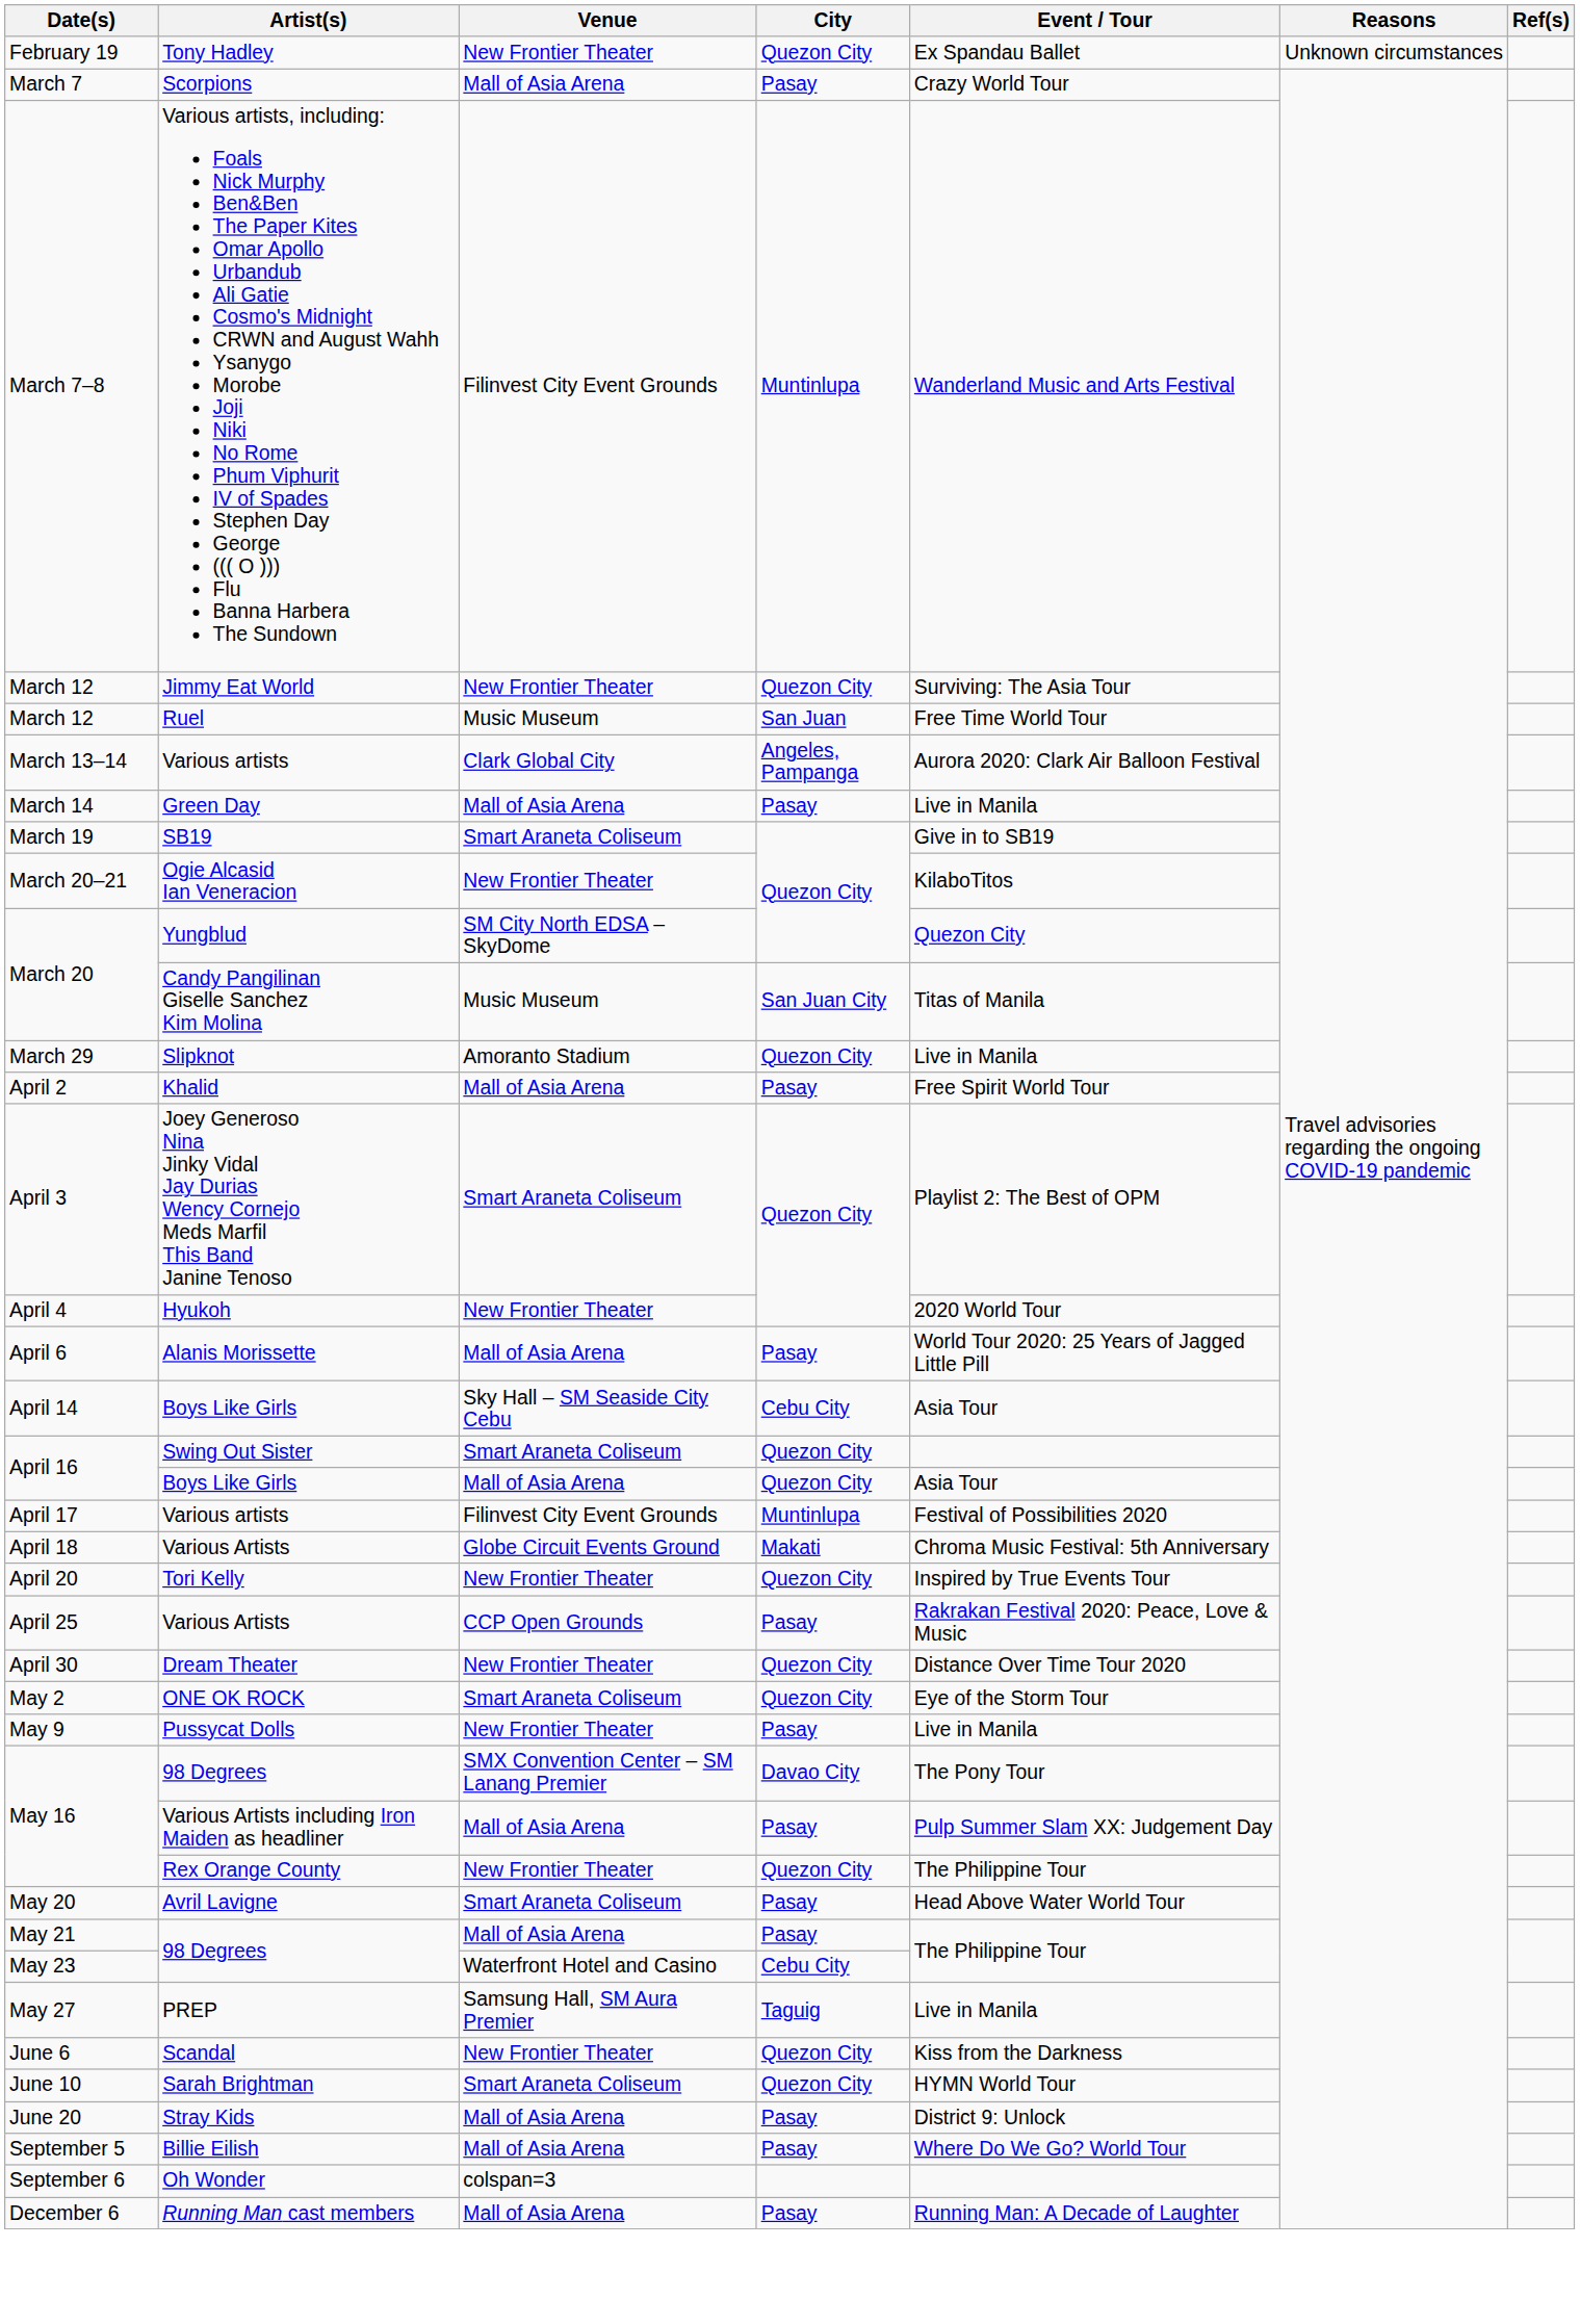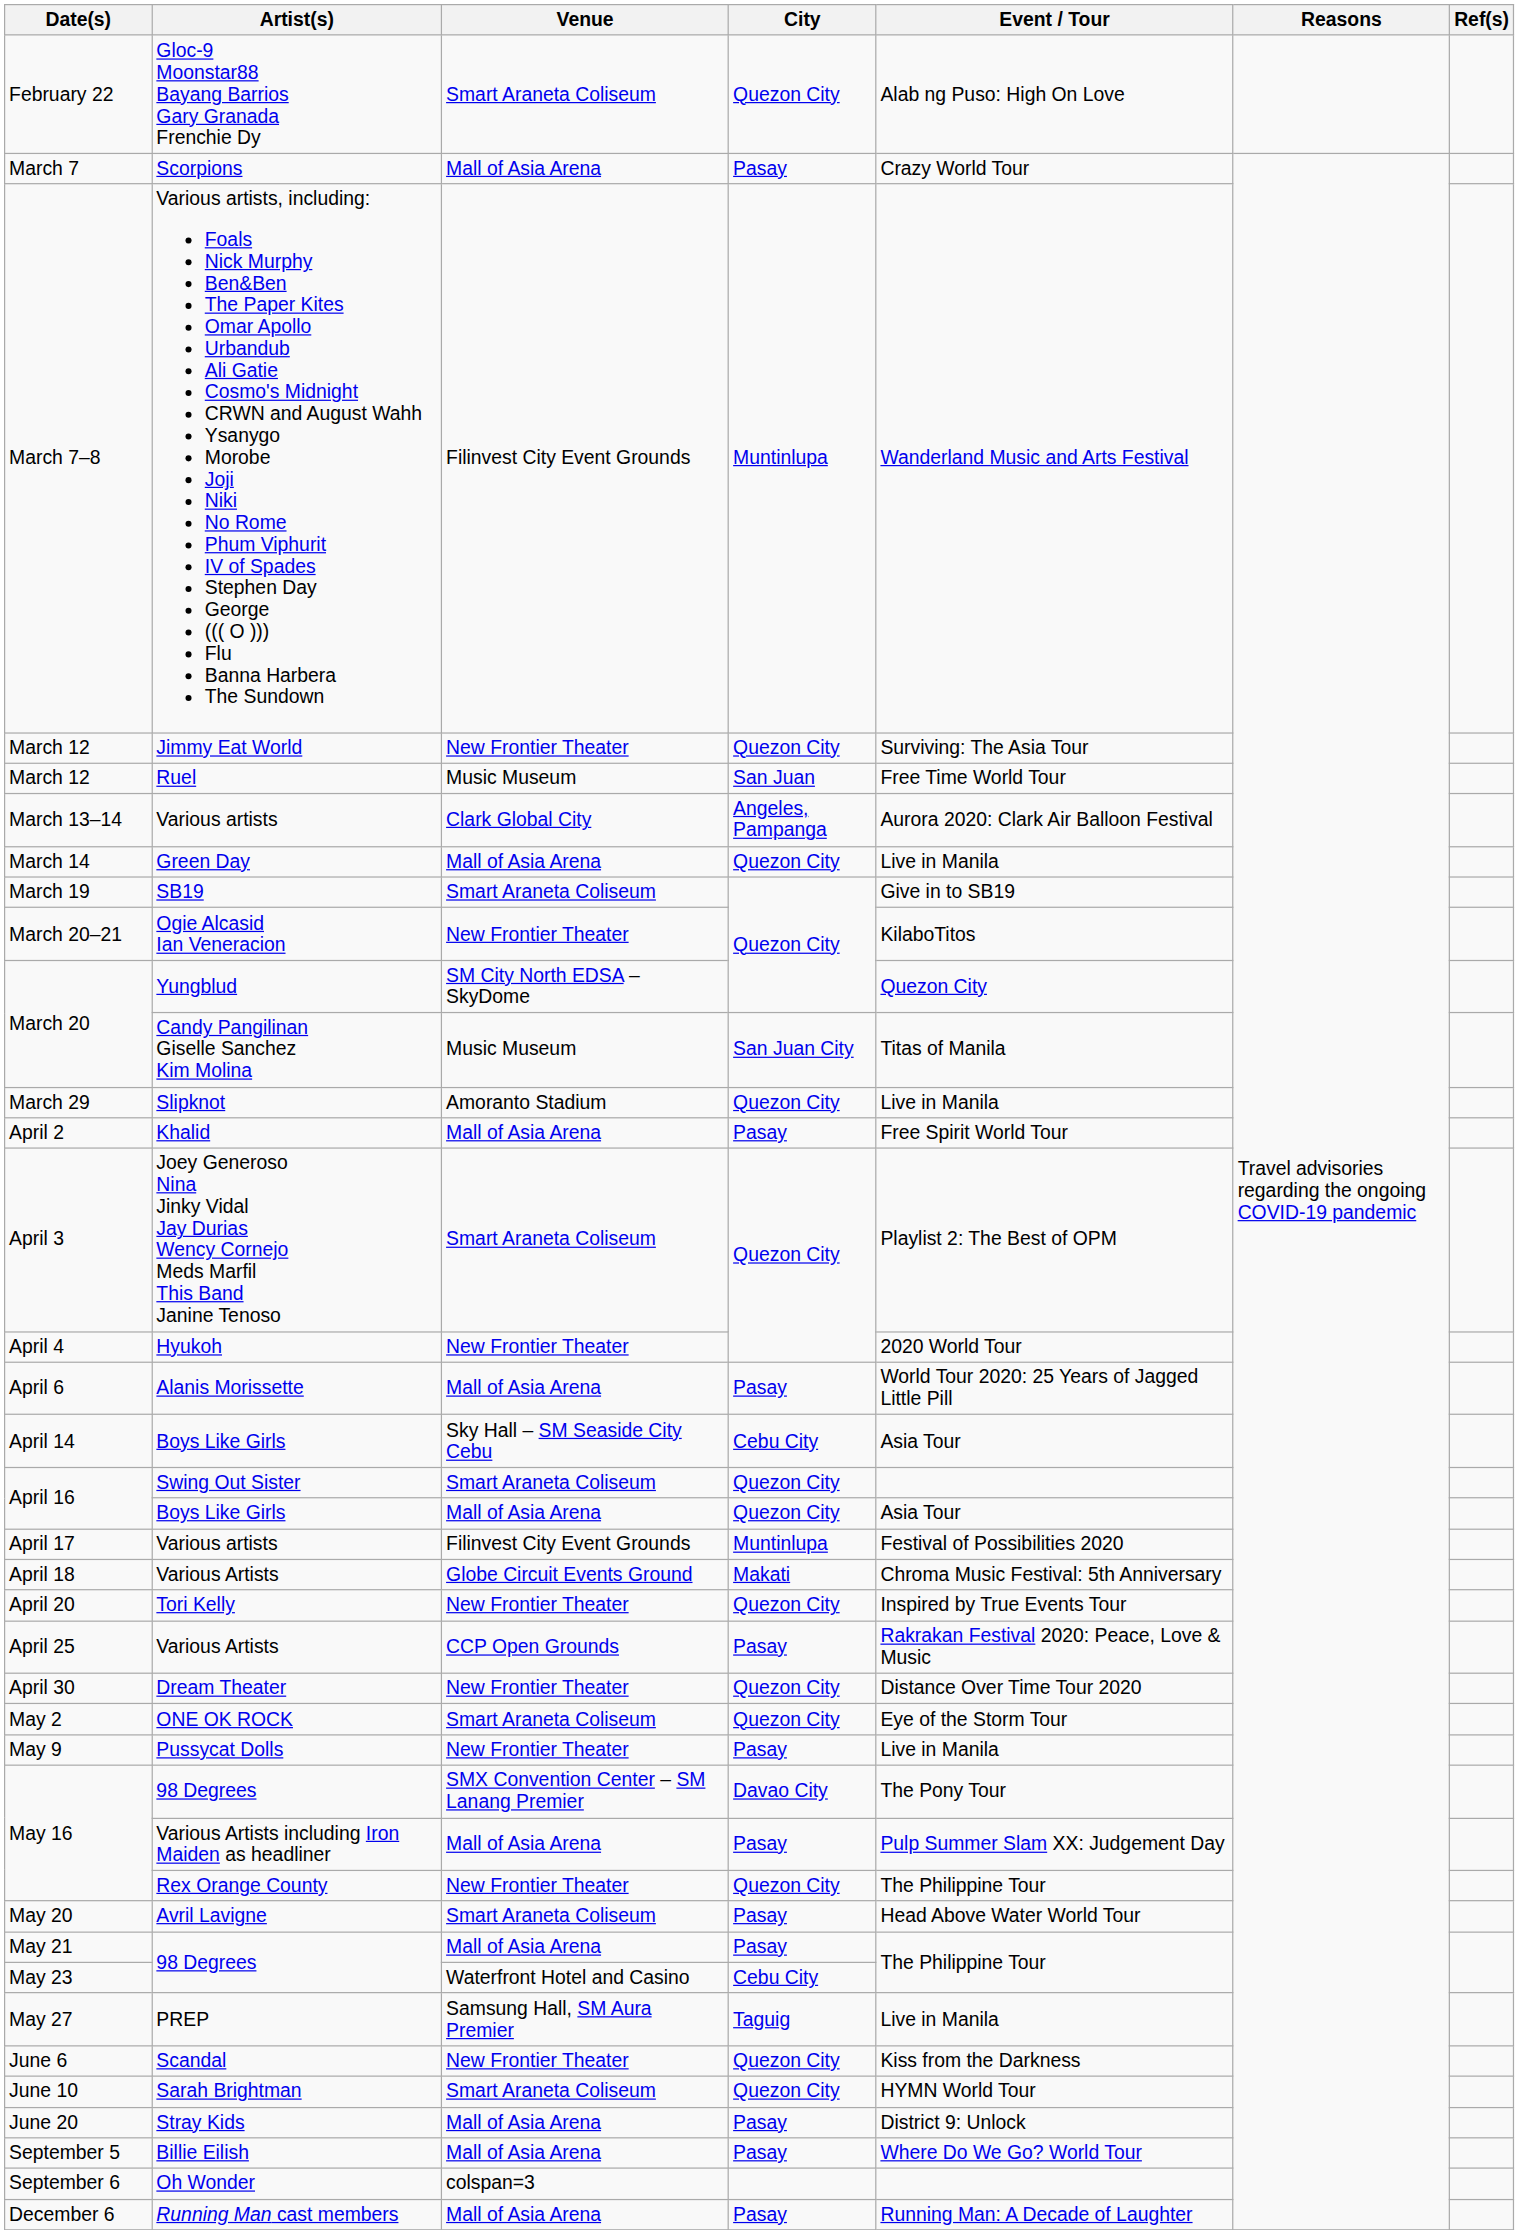 <table class="wikitable sortable" style="font-size: 100%; width=100%;" style="text-align:center;">
 <tr>
 <th class="unsortable" style="width: 10%;" scope="col">Date(s)</th>
 <th style="width: 20%;" scope="col">Artist(s)</th>
 <th style="width: 20%;" scope="col">Venue</th>
 <th style="width: 10%;" scope="col">City</th>
 <th style="width: 25%;" scope="col">Event / Tour</th>
 <th style="width: 25%;" scope="col">Reasons</th>
 <th style="width: 1%;" scope="col">Ref(s)</th>
 </tr>
 <tr>
-<td>February 19</td>
-<td><a href='#'>Tony Hadley</a></td>
-<td><a href='#'>New Frontier Theater</a></td>
+<td>February 22</td>
+<td><a href='#'>Gloc-9</a><br><a href='#'>Moonstar88</a><br><a href='#'>Bayang Barrios</a><br><a href='#'>Gary Granada</a><br>Frenchie Dy</td>
+<td><a href='#'>Smart Araneta Coliseum</a></td>
 <td><a href='#'>Quezon City</a></td>
-<td>Ex Spandau Ballet</td>
-<td>Unknown circumstances</td>
+<td>Alab ng Puso: High On Love</td>
+<td></td>
 <td></td>
 </tr>
 <tr>
 <td>March 7</td>
 <td><a href='#'>Scorpions</a></td>
 <td><a href='#'>Mall of Asia Arena</a></td>
 <td><a href='#'>Pasay</a></td>
 <td>Crazy World Tour</td>
 <td rowspan=39>Travel advisories regarding the ongoing <a href='#'>COVID-19 pandemic</a></td>
 <td></td>
 </tr>
 <tr>
 <td>March 7–8</td>
 <td>Various artists, including:<br><ul><li><a href='#'>Foals</a></li><li><a href='#'>Nick Murphy</a></li><li><a href='#'>Ben&Ben</a></li><li><a href='#'>The Paper Kites</a></li><li><a href='#'>Omar Apollo</a></li><li><a href='#'>Urbandub</a></li><li><a href='#'>Ali Gatie</a></li><li><a href='#'>Cosmo's Midnight</a></li><li>CRWN and August Wahh</li><li>Ysanygo</li><li>Morobe</li><li><a href='#'>Joji</a></li><li><a href='#'>Niki</a></li><li><a href='#'>No Rome</a></li><li><a href='#'>Phum Viphurit</a></li><li><a href='#'>IV of Spades</a></li><li>Stephen Day</li><li>George</li><li>((( O )))</li><li>Flu</li><li>Banna Harbera</li><li>The Sundown</li></ul></td>
 <td>Filinvest City Event Grounds</td>
 <td><a href='#'>Muntinlupa</a></td>
 <td><a href='#'>Wanderland Music and Arts Festival</a></td>
 <td></td>
 </tr>
 <tr>
 <td>March 12</td>
 <td><a href='#'>Jimmy Eat World</a></td>
 <td><a href='#'>New Frontier Theater</a></td>
 <td><a href='#'>Quezon City</a></td>
 <td>Surviving: The Asia Tour</td>
 <td></td>
 </tr>
 <tr>
 <td>March 12</td>
 <td><a href='#'>Ruel</a></td>
 <td>Music Museum</td>
 <td><a href='#'>San Juan</a></td>
 <td>Free Time World Tour</td>
 <td></td>
 </tr>
 <tr>
 <td>March 13–14</td>
 <td>Various artists</td>
 <td><a href='#'>Clark Global City</a></td>
 <td><a href='#'>Angeles, Pampanga</a></td>
 <td>Aurora 2020: Clark Air Balloon Festival</td>
 <td></td>
 </tr>
 <tr>
 <td>March 14</td>
 <td><a href='#'>Green Day</a></td>
 <td><a href='#'>Mall of Asia Arena</a></td>
-<td><a href='#'>Pasay</a></td>
+<td><a href='#'>Quezon City</a></td>
 <td>Live in Manila</td>
 <td></td>
 </tr>
 <tr>
 <td>March 19</td>
 <td><a href='#'>SB19</a></td>
 <td><a href='#'>Smart Araneta Coliseum</a></td>
 <td rowspan=3><a href='#'>Quezon City</a></td>
 <td>Give in to SB19</td>
 <td></td>
 </tr>
 <tr>
 <td>March 20–21</td>
 <td><a href='#'>Ogie Alcasid</a><br><a href='#'>Ian Veneracion</a></td>
 <td><a href='#'>New Frontier Theater</a></td>
 <td>KilaboTitos</td>
 <td></td>
 </tr>
 <tr>
 <td rowspan=2>March 20</td>
 <td><a href='#'>Yungblud</a></td>
 <td><a href='#'>SM City North EDSA</a> – SkyDome</td>
 <td><a href='#'>Quezon City</a></td>
 <td></td>
 </tr>
 <tr>
 <td><a href='#'>Candy Pangilinan</a><br>Giselle Sanchez<br><a href='#'>Kim Molina</a></td>
 <td>Music Museum</td>
 <td><a href='#'>San Juan City</a></td>
 <td>Titas of Manila</td>
 <td></td>
 </tr>
 <tr>
 <td>March 29</td>
 <td><a href='#'>Slipknot</a></td>
 <td>Amoranto Stadium</td>
 <td><a href='#'>Quezon City</a></td>
 <td>Live in Manila</td>
 <td></td>
 </tr>
 <tr>
 <td>April 2</td>
 <td><a href='#'>Khalid</a></td>
 <td><a href='#'>Mall of Asia Arena</a></td>
 <td><a href='#'>Pasay</a></td>
 <td>Free Spirit World Tour</td>
 <td></td>
 </tr>
 <tr>
 <td>April 3</td>
 <td>Joey Generoso<br><a href='#'>Nina</a><br>Jinky Vidal<br><a href='#'>Jay Durias</a><br><a href='#'>Wency Cornejo</a><br>Meds Marfil<br><a href='#'>This Band</a><br>Janine Tenoso</td>
 <td><a href='#'>Smart Araneta Coliseum</a></td>
 <td rowspan=2><a href='#'>Quezon City</a></td>
 <td>Playlist 2: The Best of OPM</td>
 <td></td>
 </tr>
 <tr>
 <td>April 4</td>
 <td><a href='#'>Hyukoh</a></td>
 <td><a href='#'>New Frontier Theater</a></td>
 <td>2020 World Tour</td>
 <td></td>
 </tr>
 <tr>
 <td>April 6</td>
 <td><a href='#'>Alanis Morissette</a></td>
 <td><a href='#'>Mall of Asia Arena</a></td>
 <td><a href='#'>Pasay</a></td>
 <td>World Tour 2020: 25 Years of Jagged Little Pill</td>
 <td></td>
 </tr>
 <tr>
 <td>April 14</td>
 <td><a href='#'>Boys Like Girls</a></td>
 <td>Sky Hall – <a href='#'>SM Seaside City Cebu</a></td>
 <td><a href='#'>Cebu City</a></td>
 <td>Asia Tour</td>
 <td></td>
 </tr>
 <tr>
 <td rowspan=2>April 16</td>
 <td><a href='#'>Swing Out Sister</a></td>
 <td><a href='#'>Smart Araneta Coliseum</a></td>
 <td><a href='#'>Quezon City</a></td>
 <td></td>
 <td></td>
 </tr>
 <tr>
 <td><a href='#'>Boys Like Girls</a></td>
 <td><a href='#'>Mall of Asia Arena</a></td>
 <td><a href='#'>Quezon City</a></td>
 <td>Asia Tour</td>
 <td></td>
 </tr>
 <tr>
 <td>April 17</td>
 <td>Various artists</td>
 <td>Filinvest City Event Grounds</td>
 <td><a href='#'>Muntinlupa</a></td>
 <td>Festival of Possibilities 2020</td>
 <td></td>
 </tr>
 <tr>
 <td>April 18</td>
 <td>Various Artists</td>
 <td><a href='#'>Globe Circuit Events Ground</a></td>
 <td><a href='#'>Makati</a></td>
 <td>Chroma Music Festival: 5th Anniversary</td>
 <td></td>
 </tr>
 <tr>
 <td>April 20</td>
 <td><a href='#'>Tori Kelly</a></td>
 <td><a href='#'>New Frontier Theater</a></td>
 <td><a href='#'>Quezon City</a></td>
 <td>Inspired by True Events Tour</td>
 <td></td>
 </tr>
 <tr>
 <td>April 25</td>
 <td>Various Artists</td>
 <td><a href='#'>CCP Open Grounds</a></td>
 <td><a href='#'>Pasay</a></td>
 <td><a href='#'>Rakrakan Festival</a> 2020: Peace, Love & Music</td>
 <td></td>
 </tr>
 <tr>
 <td>April 30</td>
 <td><a href='#'>Dream Theater</a></td>
 <td><a href='#'>New Frontier Theater</a></td>
 <td><a href='#'>Quezon City</a></td>
 <td>Distance Over Time Tour 2020</td>
 <td></td>
 </tr>
 <tr>
 <td>May 2</td>
 <td><a href='#'>ONE OK ROCK</a></td>
 <td><a href='#'>Smart Araneta Coliseum</a></td>
 <td><a href='#'>Quezon City</a></td>
 <td>Eye of the Storm Tour</td>
 <td></td>
 </tr>
 <tr>
 <td>May 9</td>
 <td><a href='#'>Pussycat Dolls</a></td>
 <td><a href='#'>New Frontier Theater</a></td>
 <td><a href='#'>Pasay</a></td>
 <td>Live in Manila</td>
 <td></td>
 </tr>
 <tr>
 <td rowspan=3>May 16</td>
 <td><a href='#'>98 Degrees</a></td>
 <td><a href='#'>SMX Convention Center</a> – <a href='#'>SM Lanang Premier</a></td>
 <td><a href='#'>Davao City</a></td>
 <td>The Pony Tour</td>
 <td></td>
 </tr>
 <tr>
 <td>Various Artists including <a href='#'>Iron Maiden</a> as headliner</td>
 <td><a href='#'>Mall of Asia Arena</a></td>
 <td><a href='#'>Pasay</a></td>
 <td><a href='#'>Pulp Summer Slam</a> XX: Judgement Day</td>
 <td></td>
 </tr>
 <tr>
 <td><a href='#'>Rex Orange County</a></td>
 <td><a href='#'>New Frontier Theater</a></td>
 <td><a href='#'>Quezon City</a></td>
 <td>The Philippine Tour</td>
 <td></td>
 </tr>
 <tr>
 <td>May 20</td>
 <td><a href='#'>Avril Lavigne</a></td>
 <td><a href='#'>Smart Araneta Coliseum</a></td>
 <td><a href='#'>Pasay</a></td>
 <td>Head Above Water World Tour</td>
 <td></td>
 </tr>
 <tr>
 <td>May 21</td>
 <td rowspan=2><a href='#'>98 Degrees</a></td>
 <td><a href='#'>Mall of Asia Arena</a></td>
 <td><a href='#'>Pasay</a></td>
 <td rowspan=2>The Philippine Tour</td>
 <td rowspan=2></td>
 </tr>
 <tr>
 <td>May 23</td>
 <td>Waterfront Hotel and Casino</td>
 <td><a href='#'>Cebu City</a></td>
 </tr>
 <tr>
 <td>May 27</td>
 <td>PREP</td>
 <td>Samsung Hall, <a href='#'>SM Aura Premier</a></td>
 <td><a href='#'>Taguig</a></td>
 <td>Live in Manila</td>
 <td></td>
 </tr>
 <tr>
 <td>June 6</td>
 <td><a href='#'>Scandal</a></td>
 <td><a href='#'>New Frontier Theater</a></td>
 <td><a href='#'>Quezon City</a></td>
 <td>Kiss from the Darkness</td>
 <td></td>
 </tr>
 <tr>
 <td>June 10</td>
 <td><a href='#'>Sarah Brightman</a></td>
 <td><a href='#'>Smart Araneta Coliseum</a></td>
 <td><a href='#'>Quezon City</a></td>
 <td>HYMN World Tour</td>
 <td></td>
 </tr>
 <tr>
 <td>June 20</td>
 <td><a href='#'>Stray Kids</a></td>
 <td><a href='#'>Mall of Asia Arena</a></td>
 <td><a href='#'>Pasay</a></td>
 <td>District 9: Unlock</td>
 <td></td>
 </tr>
 <tr>
 <td>September 5</td>
 <td><a href='#'>Billie Eilish</a></td>
 <td><a href='#'>Mall of Asia Arena</a></td>
 <td><a href='#'>Pasay</a></td>
 <td><a href='#'>Where Do We Go? World Tour</a></td>
 <td></td>
 </tr>
 <tr>
 <td>September 6</td>
 <td><a href='#'>Oh Wonder</a></td>
 <td>colspan=3 </td>
 <td></td>
 </tr>
 <tr>
 <td>December 6</td>
 <td><a href='#'><em>Running Man</em> cast members</a></td>
 <td><a href='#'>Mall of Asia Arena</a></td>
 <td><a href='#'>Pasay</a></td>
 <td><a href='#'>Running Man: A Decade of Laughter</a></td>
 <td></td>
 </tr>
 </table>
